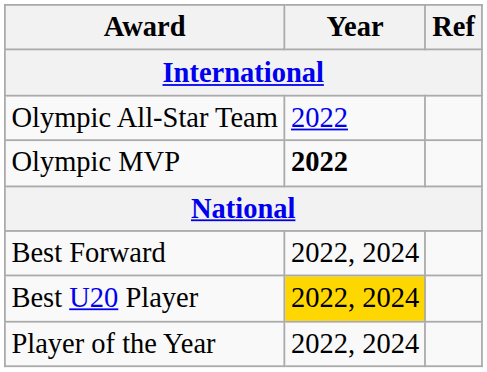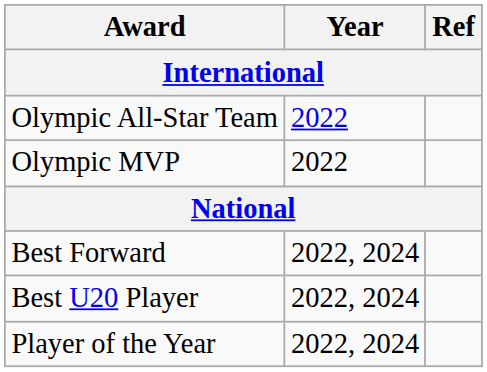 <table class="wikitable">
 <tr>
 <th>Award</th>
 <th>Year</th>
 <th>Ref</th>
 </tr>
 <tr>
 <th colspan="3"><a href='#'>International</a></th>
 </tr>
 <tr>
 <td>Olympic All-Star Team</td>
 <td><a href='#'>2022</a></td>
 <td></td>
 </tr>
 <tr>
 <td>Olympic MVP</td>
-<td><strong>2022</strong></td>
+<td>2022</td>
 <td></td>
 </tr>
 <tr>
 <th colspan="3"><a href='#'>National</a></th>
 </tr>
 <tr>
 <td>Best Forward</td>
 <td>2022, 2024</td>
 <td></td>
 </tr>
 <tr>
 <td>Best <a href='#'>U20</a> Player</td>
-<td style="background: gold;">2022, 2024</td>
+<td>2022, 2024</td>
 <td></td>
 </tr>
 <tr>
 <td>Player of the Year</td>
 <td>2022, 2024</td>
 <td></td>
 </tr>
 </table>
